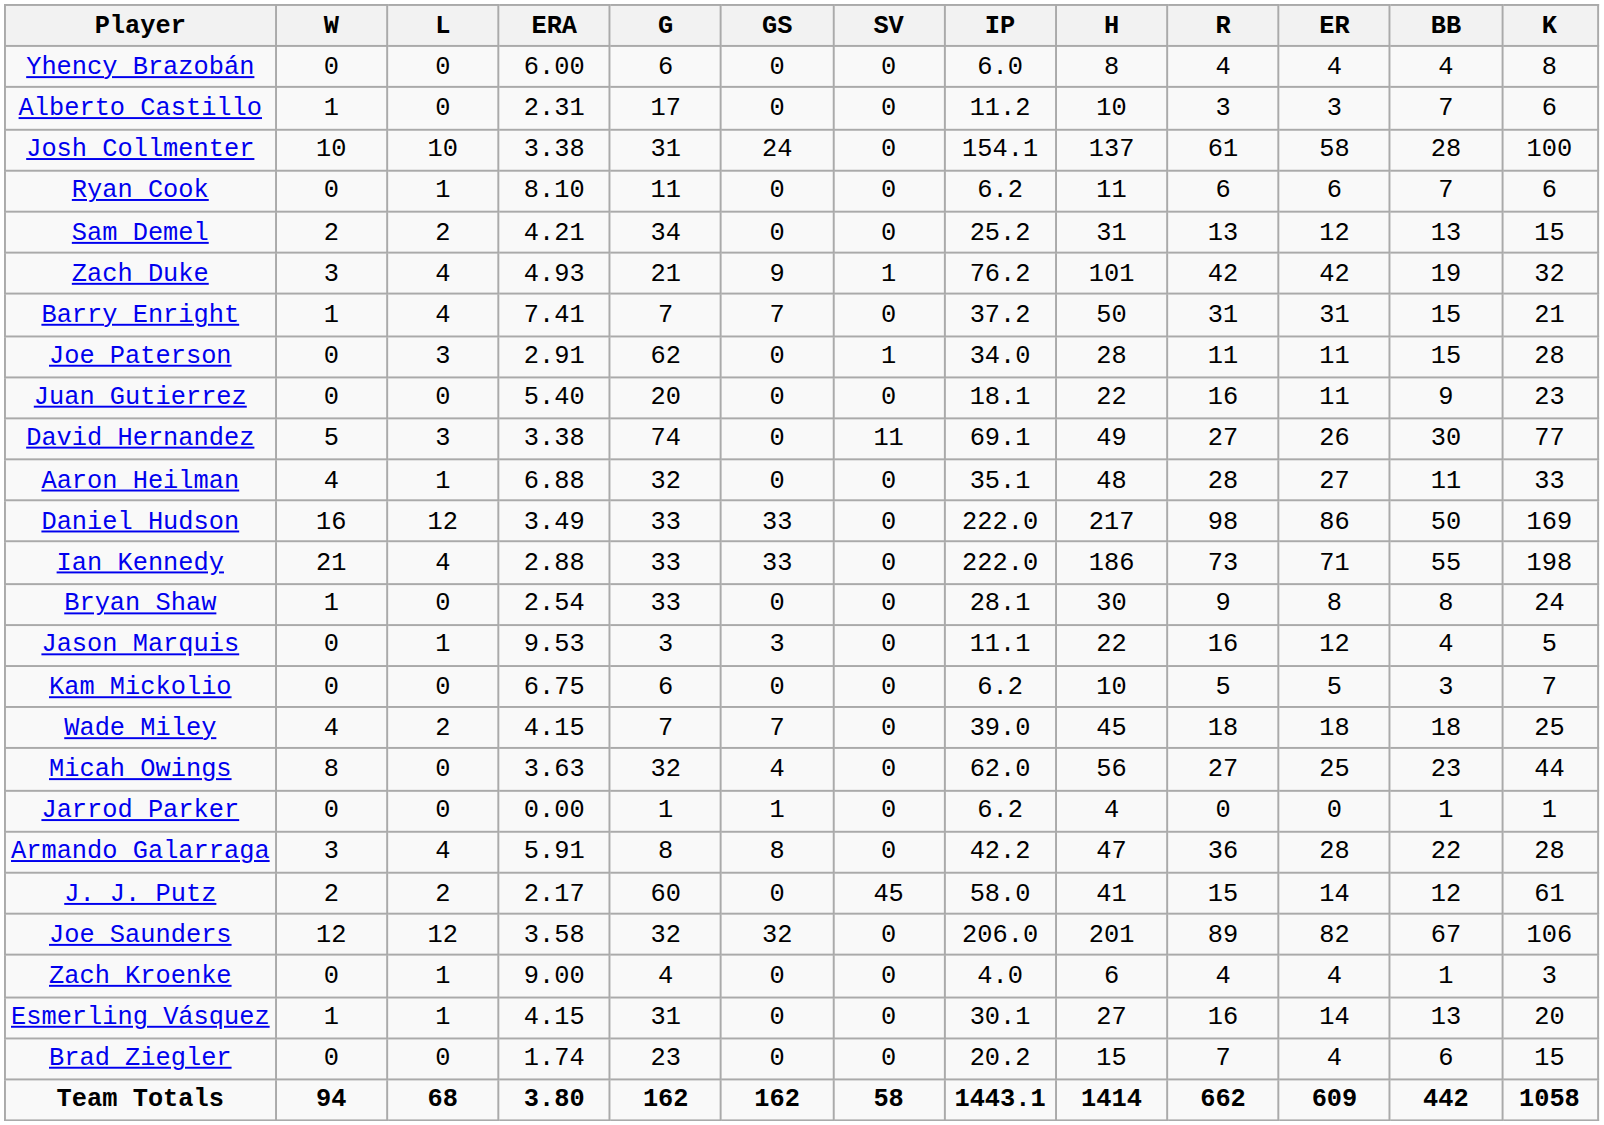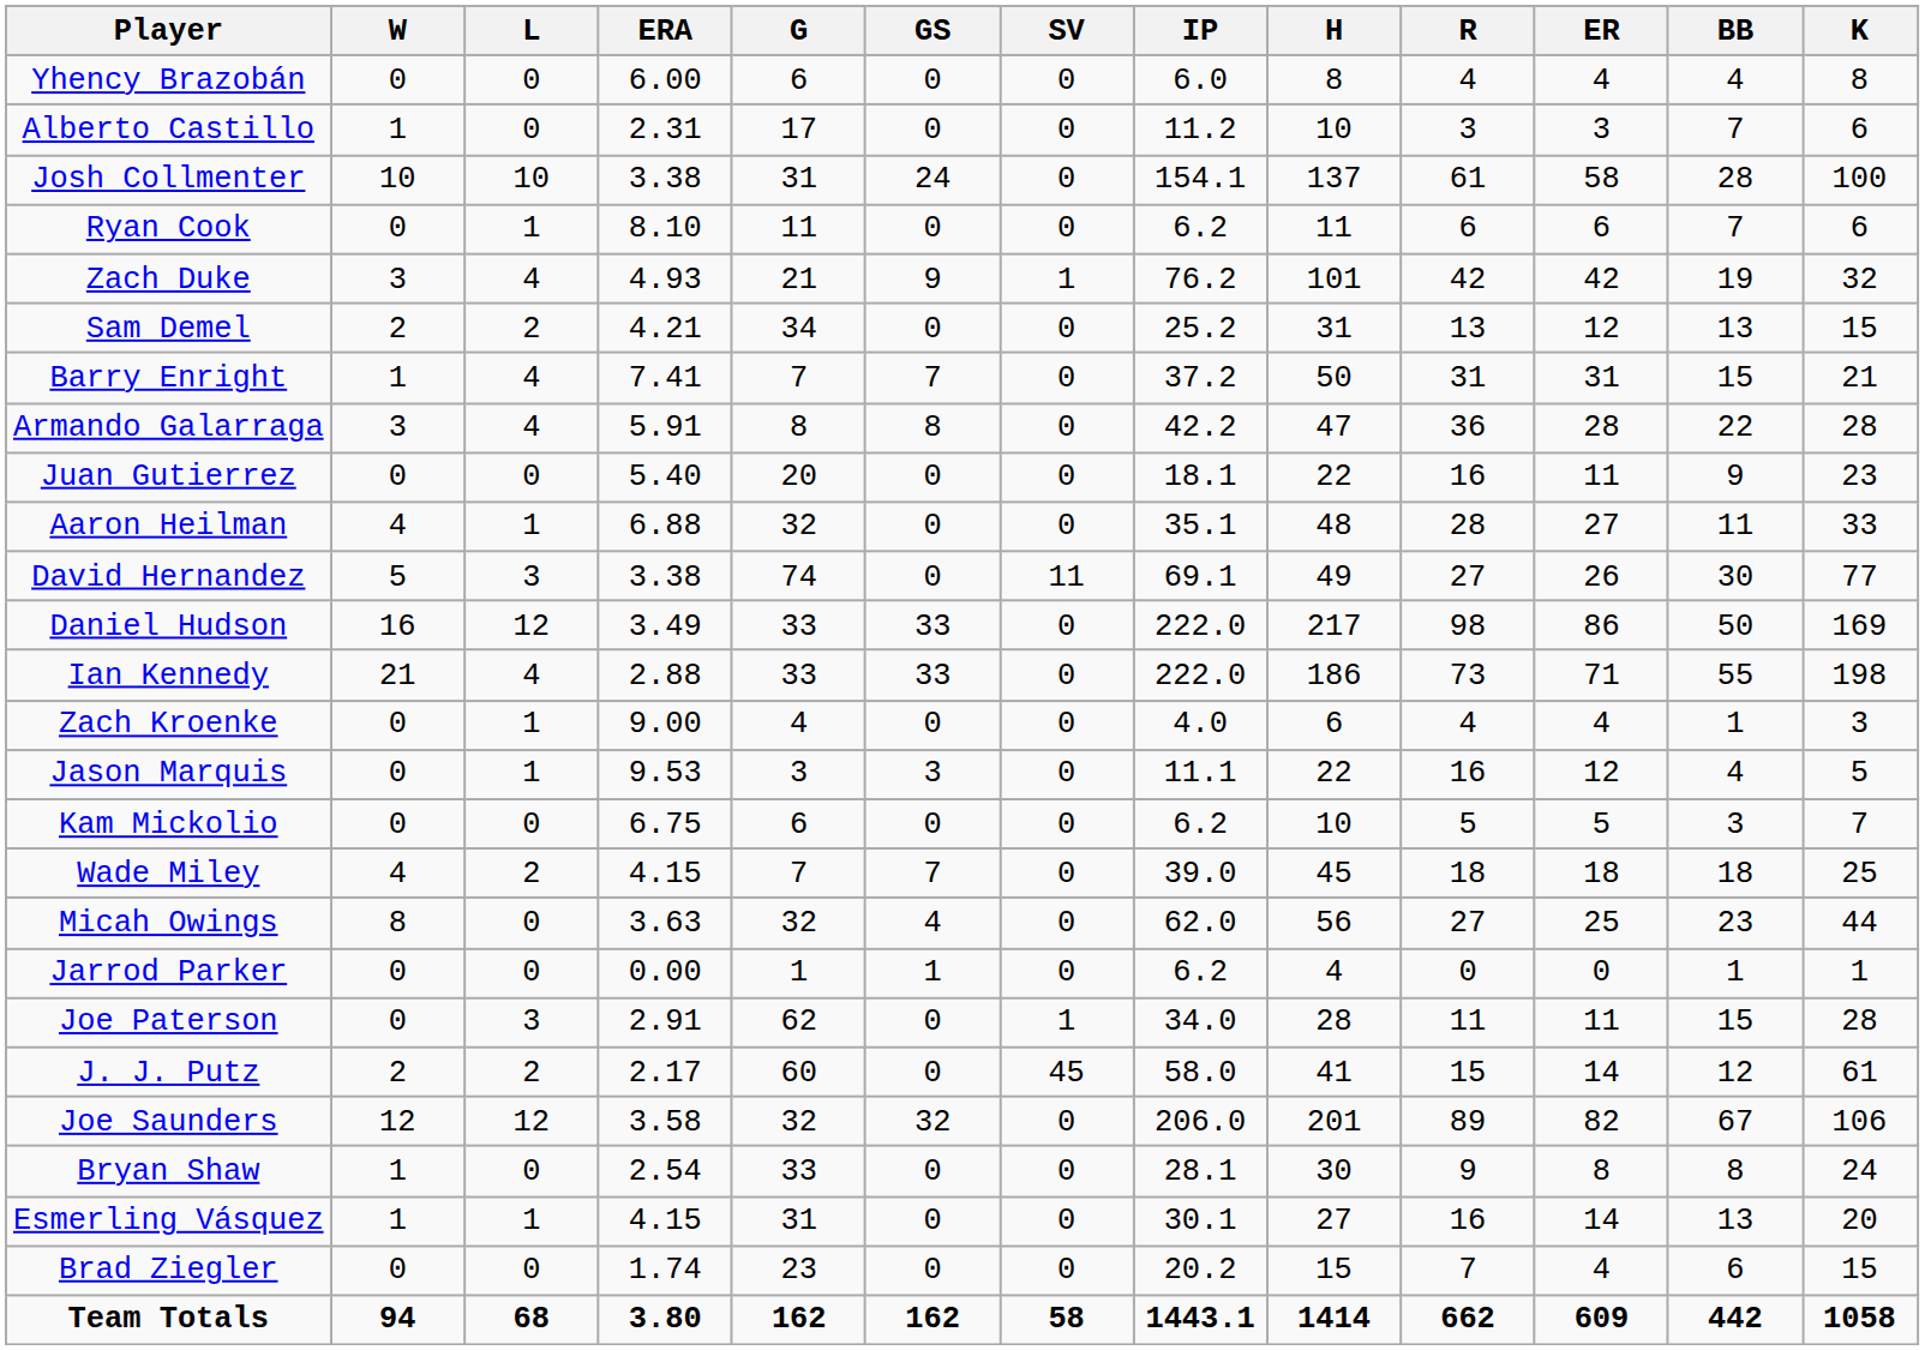 <table class="wikitable sortable" style="text-align:center; border:1; cellpadding:2; cellspacing:0;">
 <tr>
 <th bgcolor="#DDDDFF" width="17%">Player</th>
 <th bgcolor="#DDDDFF" width="7%">W</th>
 <th bgcolor="#DDDDFF" width="7%">L</th>
 <th bgcolor="#DDDDFF" width="7%">ERA</th>
 <th bgcolor="#DDDDFF" width="7%">G</th>
 <th bgcolor="#DDDDFF" width="7%">GS</th>
 <th bgcolor="#DDDDFF" width="7%">SV</th>
 <th bgcolor="#DDDDFF" width="7%">IP</th>
 <th bgcolor="#DDDDFF" width="7%">H</th>
 <th bgcolor="#DDDDFF" width="7%">R</th>
 <th bgcolor="#DDDDFF" width="7%">ER</th>
 <th bgcolor="#DDDDFF" width="7%">BB</th>
 <th bgcolor="#DDDDFF" width="7%">K</th>
 </tr>
 <tr>
 <td><a href='#'>Yhency Brazobán</a></td>
 <td>0</td>
 <td>0</td>
 <td>6.00</td>
 <td>6</td>
 <td>0</td>
 <td>0</td>
 <td>6.0</td>
 <td>8</td>
 <td>4</td>
 <td>4</td>
 <td>4</td>
 <td>8</td>
 </tr>
 <tr>
 <td><a href='#'>Alberto Castillo</a></td>
 <td>1</td>
 <td>0</td>
 <td>2.31</td>
 <td>17</td>
 <td>0</td>
 <td>0</td>
 <td>11.2</td>
 <td>10</td>
 <td>3</td>
 <td>3</td>
 <td>7</td>
 <td>6</td>
 </tr>
 <tr>
 <td><a href='#'>Josh Collmenter</a></td>
 <td>10</td>
 <td>10</td>
 <td>3.38</td>
 <td>31</td>
 <td>24</td>
 <td>0</td>
 <td>154.1</td>
 <td>137</td>
 <td>61</td>
 <td>58</td>
 <td>28</td>
 <td>100</td>
 </tr>
 <tr>
 <td><a href='#'>Ryan Cook</a></td>
 <td>0</td>
 <td>1</td>
 <td>8.10</td>
 <td>11</td>
 <td>0</td>
 <td>0</td>
 <td>6.2</td>
 <td>11</td>
 <td>6</td>
 <td>6</td>
 <td>7</td>
 <td>6</td>
 </tr>
 <tr>
+<td><a href='#'>Zach Duke</a></td>
+<td>3</td>
+<td>4</td>
+<td>4.93</td>
+<td>21</td>
+<td>9</td>
+<td>1</td>
+<td>76.2</td>
+<td>101</td>
+<td>42</td>
+<td>42</td>
+<td>19</td>
+<td>32</td>
+</tr>
+<tr>
 <td><a href='#'>Sam Demel</a></td>
 <td>2</td>
 <td>2</td>
 <td>4.21</td>
 <td>34</td>
 <td>0</td>
 <td>0</td>
 <td>25.2</td>
 <td>31</td>
 <td>13</td>
 <td>12</td>
 <td>13</td>
 <td>15</td>
-</tr>
-<tr>
-<td><a href='#'>Zach Duke</a></td>
-<td>3</td>
-<td>4</td>
-<td>4.93</td>
-<td>21</td>
-<td>9</td>
-<td>1</td>
-<td>76.2</td>
-<td>101</td>
-<td>42</td>
-<td>42</td>
-<td>19</td>
-<td>32</td>
 </tr>
 <tr>
 <td><a href='#'>Barry Enright</a></td>
 <td>1</td>
 <td>4</td>
 <td>7.41</td>
 <td>7</td>
 <td>7</td>
 <td>0</td>
 <td>37.2</td>
 <td>50</td>
 <td>31</td>
 <td>31</td>
 <td>15</td>
 <td>21</td>
 </tr>
 <tr>
-<td><a href='#'>Joe Paterson</a></td>
+<td><a href='#'>Armando Galarraga</a></td>
+<td>3</td>
+<td>4</td>
+<td>5.91</td>
+<td>8</td>
+<td>8</td>
 <td>0</td>
-<td>3</td>
-<td>2.91</td>
-<td>62</td>
-<td>0</td>
-<td>1</td>
-<td>34.0</td>
+<td>42.2</td>
+<td>47</td>
+<td>36</td>
 <td>28</td>
-<td>11</td>
-<td>11</td>
-<td>15</td>
+<td>22</td>
 <td>28</td>
 </tr>
 <tr>
 <td><a href='#'>Juan Gutierrez</a></td>
 <td>0</td>
 <td>0</td>
 <td>5.40</td>
 <td>20</td>
 <td>0</td>
 <td>0</td>
 <td>18.1</td>
 <td>22</td>
 <td>16</td>
 <td>11</td>
 <td>9</td>
 <td>23</td>
 </tr>
 <tr>
+<td><a href='#'>Aaron Heilman</a></td>
+<td>4</td>
+<td>1</td>
+<td>6.88</td>
+<td>32</td>
+<td>0</td>
+<td>0</td>
+<td>35.1</td>
+<td>48</td>
+<td>28</td>
+<td>27</td>
+<td>11</td>
+<td>33</td>
+</tr>
+<tr>
 <td><a href='#'>David Hernandez</a></td>
 <td>5</td>
 <td>3</td>
 <td>3.38</td>
 <td>74</td>
 <td>0</td>
 <td>11</td>
 <td>69.1</td>
 <td>49</td>
 <td>27</td>
 <td>26</td>
 <td>30</td>
 <td>77</td>
-</tr>
-<tr>
-<td><a href='#'>Aaron Heilman</a></td>
-<td>4</td>
-<td>1</td>
-<td>6.88</td>
-<td>32</td>
-<td>0</td>
-<td>0</td>
-<td>35.1</td>
-<td>48</td>
-<td>28</td>
-<td>27</td>
-<td>11</td>
-<td>33</td>
 </tr>
 <tr>
 <td><a href='#'>Daniel Hudson</a></td>
 <td>16</td>
 <td>12</td>
 <td>3.49</td>
 <td>33</td>
 <td>33</td>
 <td>0</td>
 <td>222.0</td>
 <td>217</td>
 <td>98</td>
 <td>86</td>
 <td>50</td>
 <td>169</td>
 </tr>
 <tr>
 <td><a href='#'>Ian Kennedy</a></td>
 <td>21</td>
 <td>4</td>
 <td>2.88</td>
 <td>33</td>
 <td>33</td>
 <td>0</td>
 <td>222.0</td>
 <td>186</td>
 <td>73</td>
 <td>71</td>
 <td>55</td>
 <td>198</td>
 </tr>
 <tr>
-<td><a href='#'>Bryan Shaw</a></td>
+<td><a href='#'>Zach Kroenke</a></td>
+<td>0</td>
 <td>1</td>
-<td>0</td>
-<td>2.54</td>
-<td>33</td>
+<td>9.00</td>
+<td>4</td>
 <td>0</td>
 <td>0</td>
-<td>28.1</td>
-<td>30</td>
-<td>9</td>
-<td>8</td>
-<td>8</td>
-<td>24</td>
+<td>4.0</td>
+<td>6</td>
+<td>4</td>
+<td>4</td>
+<td>1</td>
+<td>3</td>
 </tr>
 <tr>
 <td><a href='#'>Jason Marquis</a></td>
 <td>0</td>
 <td>1</td>
 <td>9.53</td>
 <td>3</td>
 <td>3</td>
 <td>0</td>
 <td>11.1</td>
 <td>22</td>
 <td>16</td>
 <td>12</td>
 <td>4</td>
 <td>5</td>
 </tr>
 <tr>
 <td><a href='#'>Kam Mickolio</a></td>
 <td>0</td>
 <td>0</td>
 <td>6.75</td>
 <td>6</td>
 <td>0</td>
 <td>0</td>
 <td>6.2</td>
 <td>10</td>
 <td>5</td>
 <td>5</td>
 <td>3</td>
 <td>7</td>
 </tr>
 <tr>
 <td><a href='#'>Wade Miley</a></td>
 <td>4</td>
 <td>2</td>
 <td>4.15</td>
 <td>7</td>
 <td>7</td>
 <td>0</td>
 <td>39.0</td>
 <td>45</td>
 <td>18</td>
 <td>18</td>
 <td>18</td>
 <td>25</td>
 </tr>
 <tr>
 <td><a href='#'>Micah Owings</a></td>
 <td>8</td>
 <td>0</td>
 <td>3.63</td>
 <td>32</td>
 <td>4</td>
 <td>0</td>
 <td>62.0</td>
 <td>56</td>
 <td>27</td>
 <td>25</td>
 <td>23</td>
 <td>44</td>
 </tr>
 <tr>
 <td><a href='#'>Jarrod Parker</a></td>
 <td>0</td>
 <td>0</td>
 <td>0.00</td>
 <td>1</td>
 <td>1</td>
 <td>0</td>
 <td>6.2</td>
 <td>4</td>
 <td>0</td>
 <td>0</td>
 <td>1</td>
 <td>1</td>
 </tr>
 <tr>
-<td><a href='#'>Armando Galarraga</a></td>
+<td><a href='#'>Joe Paterson</a></td>
+<td>0</td>
 <td>3</td>
-<td>4</td>
-<td>5.91</td>
-<td>8</td>
-<td>8</td>
+<td>2.91</td>
+<td>62</td>
 <td>0</td>
-<td>42.2</td>
-<td>47</td>
-<td>36</td>
+<td>1</td>
+<td>34.0</td>
 <td>28</td>
-<td>22</td>
+<td>11</td>
+<td>11</td>
+<td>15</td>
 <td>28</td>
 </tr>
 <tr>
 <td><a href='#'>J. J. Putz</a></td>
 <td>2</td>
 <td>2</td>
 <td>2.17</td>
 <td>60</td>
 <td>0</td>
 <td>45</td>
 <td>58.0</td>
 <td>41</td>
 <td>15</td>
 <td>14</td>
 <td>12</td>
 <td>61</td>
 </tr>
 <tr>
 <td><a href='#'>Joe Saunders</a></td>
 <td>12</td>
 <td>12</td>
 <td>3.58</td>
 <td>32</td>
 <td>32</td>
 <td>0</td>
 <td>206.0</td>
 <td>201</td>
 <td>89</td>
 <td>82</td>
 <td>67</td>
 <td>106</td>
 </tr>
 <tr>
-<td><a href='#'>Zach Kroenke</a></td>
+<td><a href='#'>Bryan Shaw</a></td>
+<td>1</td>
 <td>0</td>
-<td>1</td>
-<td>9.00</td>
-<td>4</td>
+<td>2.54</td>
+<td>33</td>
 <td>0</td>
 <td>0</td>
-<td>4.0</td>
-<td>6</td>
-<td>4</td>
-<td>4</td>
-<td>1</td>
-<td>3</td>
+<td>28.1</td>
+<td>30</td>
+<td>9</td>
+<td>8</td>
+<td>8</td>
+<td>24</td>
 </tr>
 <tr>
 <td><a href='#'>Esmerling Vásquez</a></td>
 <td>1</td>
 <td>1</td>
 <td>4.15</td>
 <td>31</td>
 <td>0</td>
 <td>0</td>
 <td>30.1</td>
 <td>27</td>
 <td>16</td>
 <td>14</td>
 <td>13</td>
 <td>20</td>
 </tr>
 <tr>
 <td><a href='#'>Brad Ziegler</a></td>
 <td>0</td>
 <td>0</td>
 <td>1.74</td>
 <td>23</td>
 <td>0</td>
 <td>0</td>
 <td>20.2</td>
 <td>15</td>
 <td>7</td>
 <td>4</td>
 <td>6</td>
 <td>15</td>
 </tr>
 <tr>
 <td><strong>Team Totals</strong></td>
 <td><strong>94</strong></td>
 <td><strong>68</strong></td>
 <td><strong>3.80</strong></td>
 <td><strong>162</strong></td>
 <td><strong>162</strong></td>
 <td><strong>58</strong></td>
 <td><strong>1443.1</strong></td>
 <td><strong>1414</strong></td>
 <td><strong>662</strong></td>
 <td><strong>609</strong></td>
 <td><strong>442</strong></td>
 <td><strong>1058</strong></td>
 </tr>
 </table>
